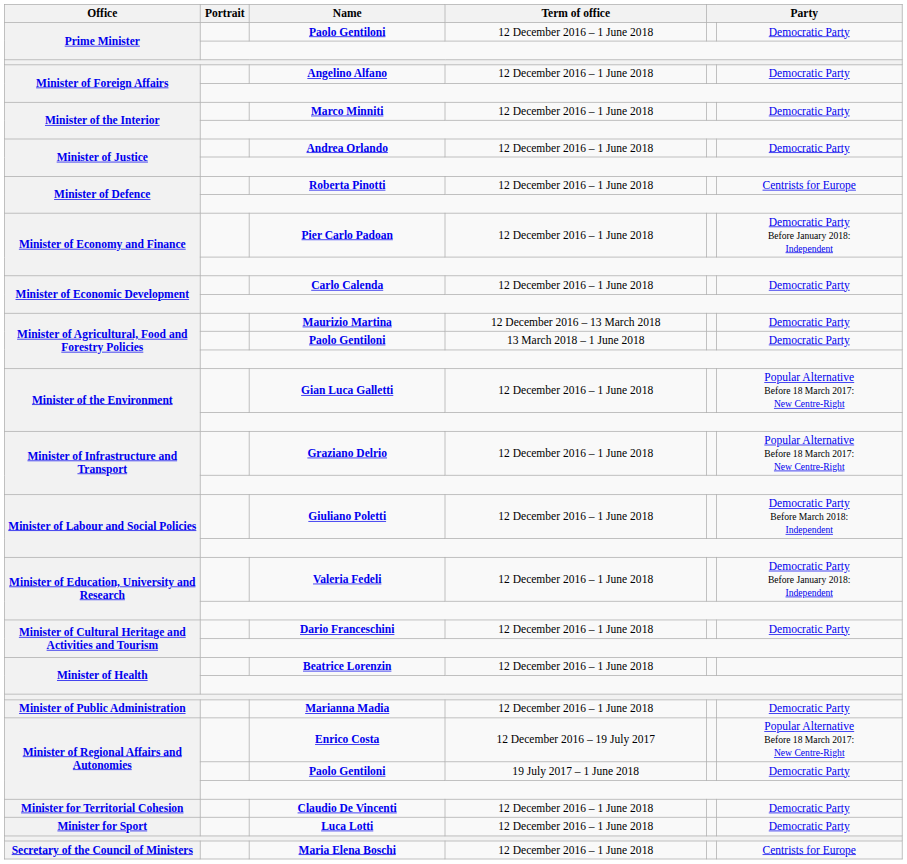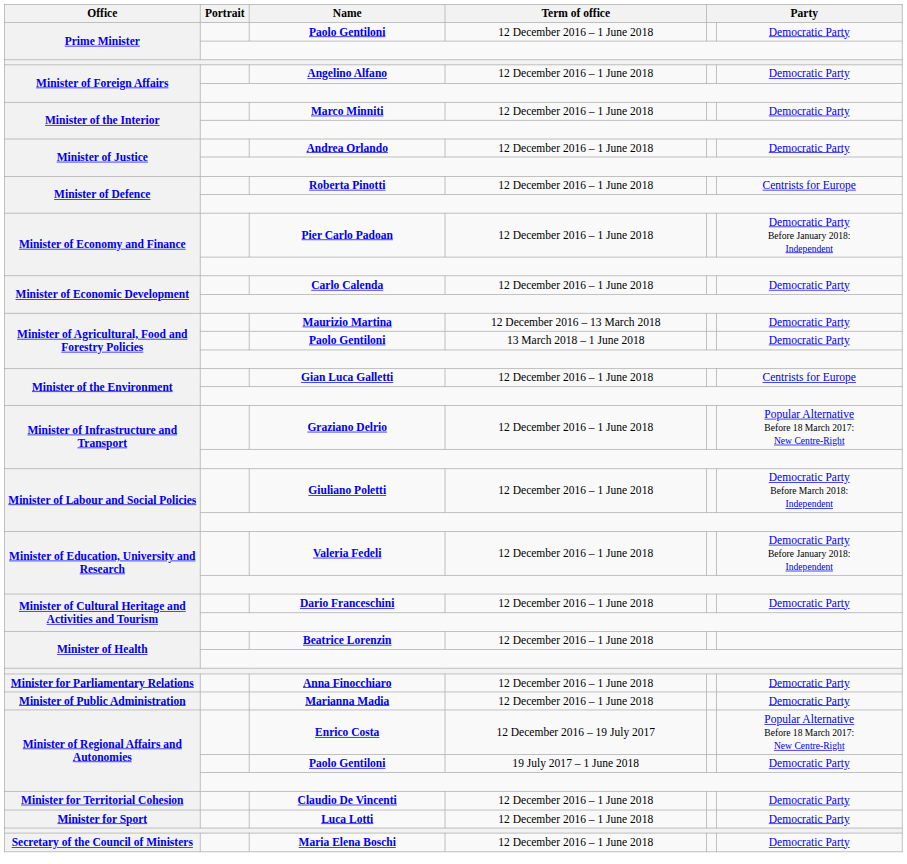 <table class="wikitable" style="text-align:center;">
 <tr>
 <th width=15%>Office</th>
 <th width=1%>Portrait</th>
 <th width=15%>Name</th>
 <th width=20%>Term of office</th>
 <th width=15% colspan=2>Party</th>
 </tr>
 <tr>
 <th rowspan=2><a href='#'>Prime Minister</a></th>
 <td></td>
 <td><strong><a href='#'>Paolo Gentiloni</a></strong></td>
 <td>12 December 2016 – 1 June 2018</td>
 <td></td>
 <td><a href='#'>Democratic Party</a></td>
 </tr>
 <tr>
 <td colspan="5" style="font-size:95%; line-height:19px;"><br></td>
 </tr>
 <tr>
 <th colspan=6></th>
 </tr>
 <tr>
 <th rowspan=2><a href='#'>Minister of Foreign Affairs</a></th>
 <td></td>
 <td><strong><a href='#'>Angelino Alfano</a></strong></td>
 <td>12 December 2016 – 1 June 2018</td>
 <td></td>
 <td><a href='#'>Democratic Party</a></td>
 </tr>
 <tr>
 <td colspan="5" style="font-size:95%; line-height:19px;"><br> </td>
 </tr>
 <tr>
 <th rowspan=2><a href='#'>Minister of the Interior</a></th>
 <td></td>
 <td><strong><a href='#'>Marco Minniti</a></strong></td>
 <td>12 December 2016 – 1 June 2018</td>
 <td></td>
 <td><a href='#'>Democratic Party</a></td>
 </tr>
 <tr>
 <td colspan="5" style="font-size:95%; line-height:19px;"><br> </td>
 </tr>
 <tr>
 <th rowspan=2><a href='#'>Minister of Justice</a></th>
 <td></td>
 <td><strong><a href='#'>Andrea Orlando</a></strong></td>
 <td>12 December 2016 – 1 June 2018</td>
 <td></td>
 <td><a href='#'>Democratic Party</a></td>
 </tr>
 <tr>
 <td colspan="5" style="font-size:95%; line-height:19px;"><br></td>
 </tr>
 <tr>
 <th rowspan=2><a href='#'>Minister of Defence</a></th>
 <td></td>
 <td><strong><a href='#'>Roberta Pinotti</a></strong></td>
 <td>12 December 2016 – 1 June 2018</td>
 <td style="color:inherit;background:"></td>
 <td><a href='#'>Centrists for Europe</a></td>
 </tr>
 <tr>
 <td colspan="5" style="font-size:95%; line-height:19px;"><br></td>
 </tr>
 <tr>
 <th rowspan=2><a href='#'>Minister of Economy and Finance</a></th>
 <td></td>
 <td><strong><a href='#'>Pier Carlo Padoan</a></strong></td>
 <td>12 December 2016 – 1 June 2018</td>
 <td style="color:inherit;background:"></td>
 <td><a href='#'>Democratic Party</a><br><small>Before January 2018:<br><a href='#'>Independent</a></small></td>
 </tr>
 <tr>
 <td colspan="5" style="font-size:95%; line-height:19px;"><br> </td>
 </tr>
 <tr>
 <th rowspan=2><a href='#'>Minister of Economic Development</a></th>
 <td></td>
 <td><strong><a href='#'>Carlo Calenda</a></strong></td>
 <td>12 December 2016 – 1 June 2018</td>
 <td style="color:inherit;background:"></td>
 <td><a href='#'>Democratic Party</a></td>
 </tr>
 <tr>
 <td colspan="5" style="font-size:95%; line-height:19px;"><br> </td>
 </tr>
 <tr>
 <th rowspan=3><a href='#'>Minister of Agricultural, Food and Forestry Policies</a></th>
 <td></td>
 <td><strong><a href='#'>Maurizio Martina</a></strong></td>
 <td>12 December 2016 – 13 March 2018</td>
 <td style="color:inherit;background:"></td>
 <td><a href='#'>Democratic Party</a></td>
 </tr>
 <tr>
 <td></td>
 <td><strong><a href='#'>Paolo Gentiloni</a></strong><br></td>
 <td>13 March 2018 – 1 June 2018</td>
 <td></td>
 <td><a href='#'>Democratic Party</a></td>
 </tr>
 <tr>
 <td colspan="5" style="font-size:95%; line-height:19px;"><br> </td>
 </tr>
 <tr>
 <th rowspan=2><a href='#'>Minister of the Environment</a></th>
 <td></td>
 <td><strong><a href='#'>Gian Luca Galletti</a></strong></td>
 <td>12 December 2016 – 1 June 2018</td>
 <td></td>
-<td><a href='#'>Popular Alternative</a><br><small>Before 18 March 2017:<br><a href='#'>New Centre-Right</a></small></td>
+<td><a href='#'>Centrists for Europe</a></td>
 </tr>
 <tr>
 <td colspan="5" style="font-size:95%; line-height:19px;"><br></td>
 </tr>
 <tr>
 <th rowspan=2><a href='#'>Minister of Infrastructure and Transport</a></th>
 <td></td>
 <td><strong><a href='#'>Graziano Delrio</a></strong></td>
 <td>12 December 2016 – 1 June 2018</td>
 <td style="color:inherit;background:"></td>
 <td><a href='#'>Popular Alternative</a><br><small>Before 18 March 2017:<br><a href='#'>New Centre-Right</a></small></td>
 </tr>
 <tr>
 <td colspan="5" style="font-size:95%; line-height:19px;"><br> </td>
 </tr>
 <tr>
 <th rowspan=2><a href='#'>Minister of Labour and Social Policies</a></th>
 <td></td>
 <td><strong><a href='#'>Giuliano Poletti</a></strong></td>
 <td>12 December 2016 – 1 June 2018</td>
 <td style="color:inherit;background:"></td>
 <td><a href='#'>Democratic Party</a><br><small>Before March 2018:<br><a href='#'>Independent</a></small></td>
 </tr>
 <tr>
 <td colspan="5" style="font-size:95%; line-height:19px;"><br></td>
 </tr>
 <tr>
 <th rowspan=2><a href='#'>Minister of Education, University and Research</a></th>
 <td></td>
 <td><strong><a href='#'>Valeria Fedeli</a></strong></td>
 <td>12 December 2016 – 1 June 2018</td>
 <td style="color:inherit;background:"></td>
 <td><a href='#'>Democratic Party</a><br><small>Before January 2018:<br><a href='#'>Independent</a></small></td>
 </tr>
 <tr>
 <td colspan="5" style="font-size:95%; line-height:19px;"><br></td>
 </tr>
 <tr>
 <th rowspan=2><a href='#'>Minister of Cultural Heritage and Activities and Tourism</a></th>
 <td></td>
 <td><strong><a href='#'>Dario Franceschini</a></strong></td>
 <td>12 December 2016 – 1 June 2018</td>
 <td style="color:inherit;background:"></td>
 <td><a href='#'>Democratic Party</a></td>
 </tr>
 <tr>
 <td colspan="5" style="font-size:95%; line-height:19px;"><br></td>
 </tr>
 <tr>
 <th rowspan=2><a href='#'>Minister of Health</a></th>
 <td></td>
 <td><strong><a href='#'>Beatrice Lorenzin</a></strong></td>
 <td>12 December 2016 – 1 June 2018</td>
 <td></td>
 <td></td>
 </tr>
 <tr>
 <td colspan="5" style="font-size:95%; line-height:19px;"><br></td>
 </tr>
 <tr>
 <th colspan=6></th>
 </tr>
 <tr>
+<th><a href='#'>Minister for Parliamentary Relations</a><br></th>
+<td></td>
+<td><strong><a href='#'>Anna Finocchiaro</a></strong></td>
+<td>12 December 2016 – 1 June 2018</td>
+<td style="color:inherit;background:"></td>
+<td><a href='#'>Democratic Party</a></td>
+</tr>
+<tr>
 <th><a href='#'>Minister of Public Administration</a><br></th>
 <td></td>
 <td><strong><a href='#'>Marianna Madia</a></strong></td>
 <td>12 December 2016 – 1 June 2018</td>
 <td style="color:inherit;background:"></td>
 <td><a href='#'>Democratic Party</a></td>
 </tr>
 <tr>
 <th rowspan=3><a href='#'>Minister of Regional Affairs and Autonomies</a><br></th>
 <td></td>
 <td><strong><a href='#'>Enrico Costa</a></strong></td>
 <td>12 December 2016 – 19 July 2017</td>
 <td></td>
 <td><a href='#'>Popular Alternative</a><br><small>Before 18 March 2017:<br><a href='#'>New Centre-Right</a></small></td>
 </tr>
 <tr>
 <td></td>
 <td><strong><a href='#'>Paolo Gentiloni</a></strong><br></td>
 <td>19 July 2017 – 1 June 2018</td>
 <td></td>
 <td><a href='#'>Democratic Party</a></td>
 </tr>
 <tr>
 <td colspan="5" style="font-size:95%; line-height:19px;"><br></td>
 </tr>
 <tr>
 <th><a href='#'>Minister for Territorial Cohesion</a><br></th>
 <td></td>
 <td><strong><a href='#'>Claudio De Vincenti</a></strong></td>
 <td>12 December 2016 – 1 June 2018</td>
 <td style="color:inherit;background:"></td>
 <td><a href='#'>Democratic Party</a></td>
 </tr>
 <tr>
 <th><a href='#'>Minister for Sport</a><br></th>
 <td></td>
 <td><strong><a href='#'>Luca Lotti</a></strong></td>
 <td>12 December 2016 – 1 June 2018</td>
 <td style="color:inherit;background:"></td>
 <td><a href='#'>Democratic Party</a></td>
 </tr>
 <tr>
 <th colspan=6></th>
 </tr>
 <tr>
 <th><a href='#'>Secretary of the Council of Ministers</a><br></th>
 <td></td>
 <td><strong><a href='#'>Maria Elena Boschi</a></strong></td>
 <td>12 December 2016 – 1 June 2018</td>
 <td style="color:inherit;background:"></td>
-<td><a href='#'>Centrists for Europe</a></td>
+<td><a href='#'>Democratic Party</a></td>
 </tr>
 </table>
